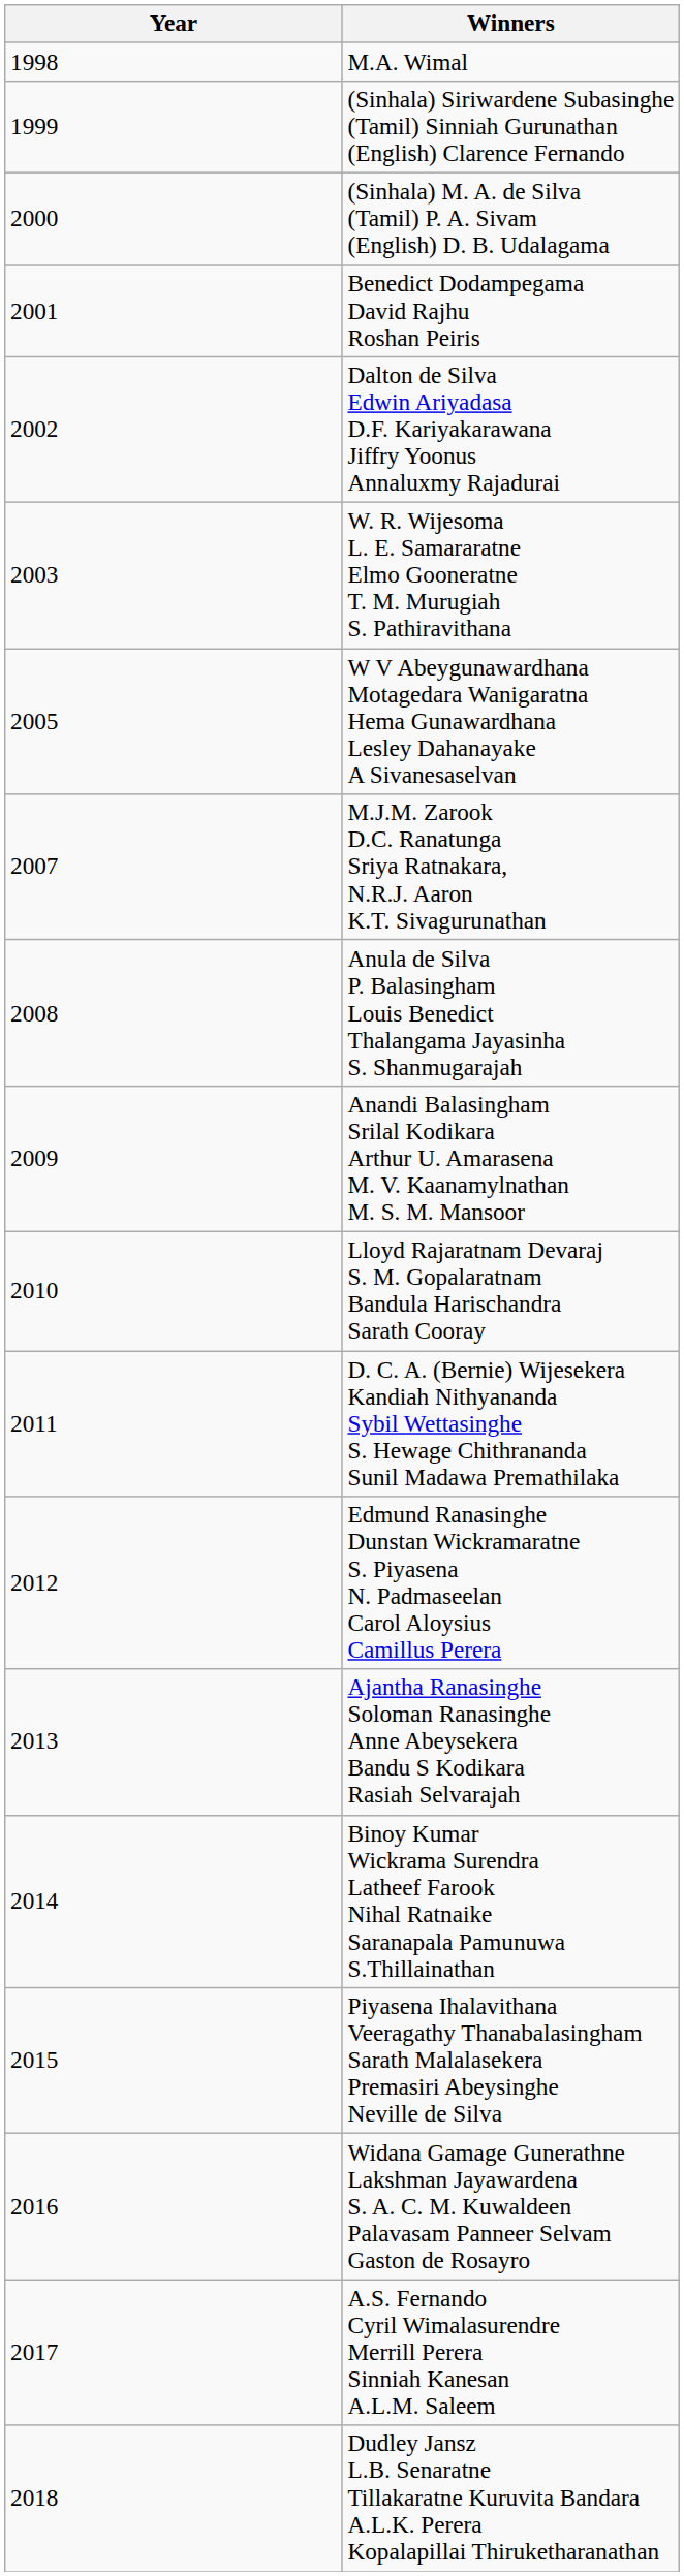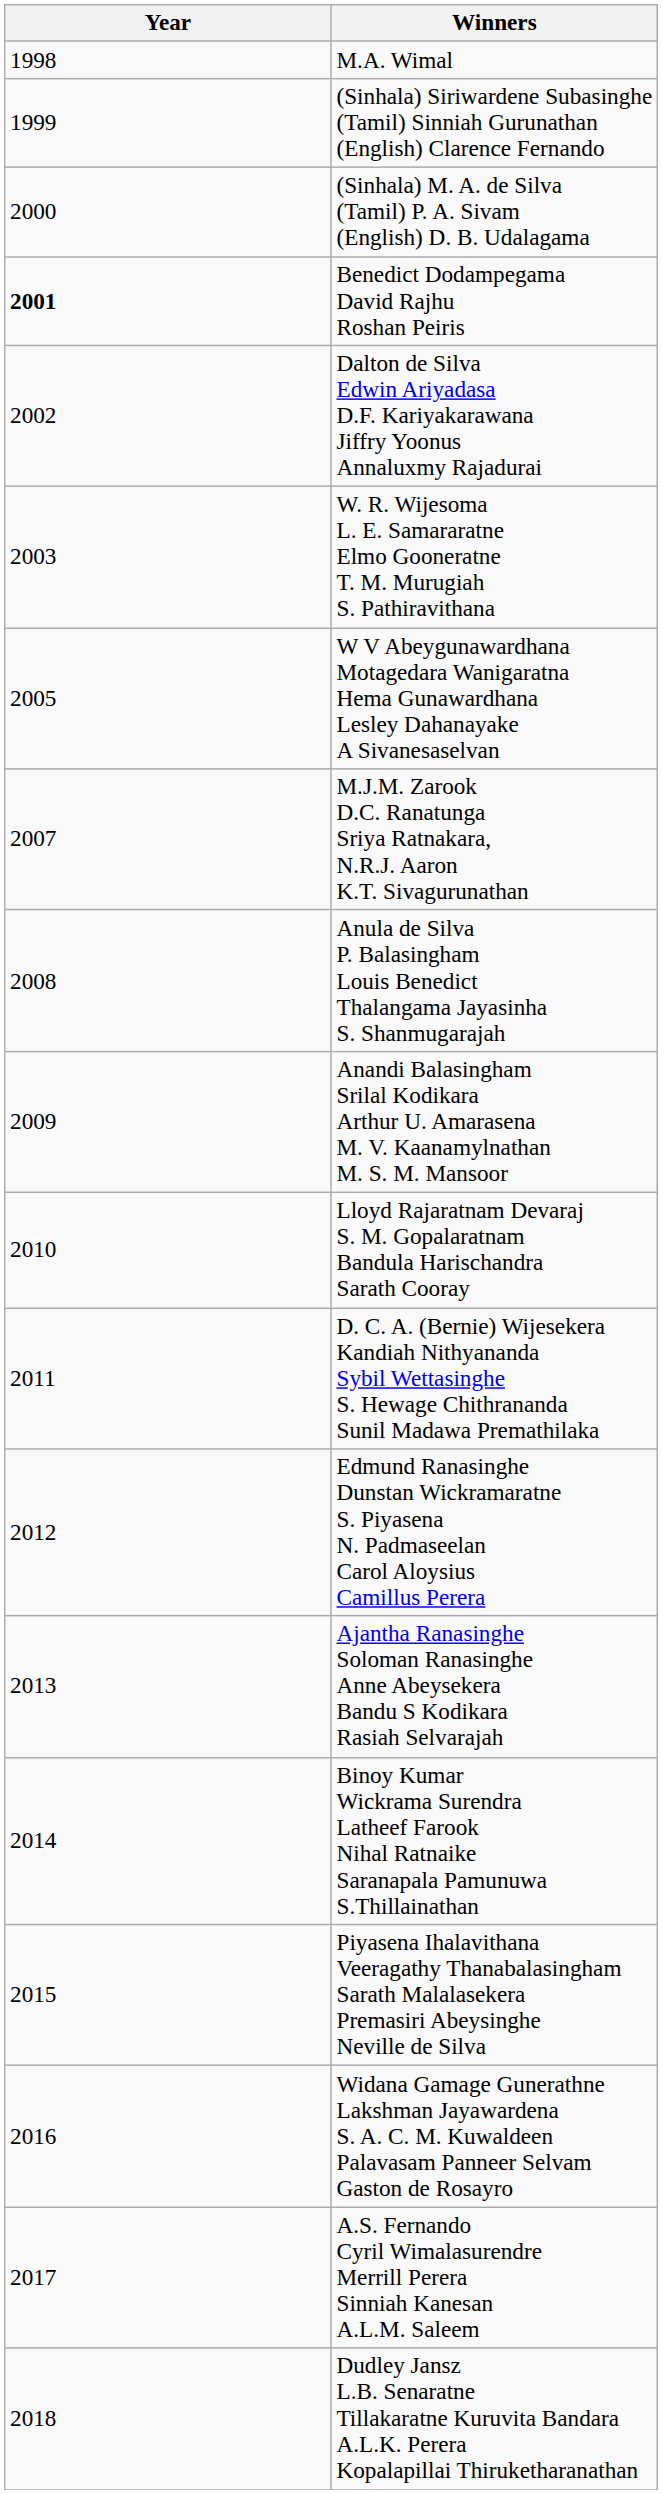 <table class="wikitable sortable mw-collapsible mw-collapsed">
 <tr>
 <th width="50%">Year</th>
 <th width="50%">Winners</th>
 </tr>
 <tr>
 <td>1998</td>
 <td>M.A. Wimal</td>
 </tr>
 <tr>
 <td>1999</td>
 <td>(Sinhala) Siriwardene Subasinghe<br>(Tamil) Sinniah Gurunathan<br>(English) Clarence Fernando</td>
 </tr>
 <tr>
 <td>2000</td>
 <td>(Sinhala) M. A. de Silva<br>(Tamil) P. A. Sivam<br>(English) D. B. Udalagama</td>
 </tr>
 <tr>
-<td>2001</td>
+<td><strong>2001</strong></td>
 <td>Benedict Dodampegama<br>David Rajhu<br>Roshan Peiris</td>
 </tr>
 <tr>
 <td>2002</td>
 <td>Dalton de Silva<br><a href='#'>Edwin Ariyadasa</a><br>D.F. Kariyakarawana<br>Jiffry Yoonus<br>Annaluxmy Rajadurai</td>
 </tr>
 <tr>
 <td>2003</td>
 <td>W. R. Wijesoma<br>L. E. Samararatne<br>Elmo Gooneratne<br>T. M. Murugiah<br>S. Pathiravithana</td>
 </tr>
 <tr>
 <td>2005</td>
 <td>W V Abeygunawardhana<br>Motagedara Wanigaratna<br>Hema Gunawardhana<br>Lesley Dahanayake<br>A Sivanesaselvan</td>
 </tr>
 <tr>
 <td>2007</td>
 <td>M.J.M. Zarook<br>D.C. Ranatunga<br>Sriya Ratnakara,<br>N.R.J. Aaron<br>K.T. Sivagurunathan</td>
 </tr>
 <tr>
 <td>2008</td>
 <td>Anula de Silva<br>P. Balasingham<br>Louis Benedict<br>Thalangama Jayasinha<br>S. Shanmugarajah</td>
 </tr>
 <tr>
 <td>2009</td>
 <td>Anandi Balasingham<br>Srilal Kodikara<br>Arthur U. Amarasena<br>M. V. Kaanamylnathan<br>M. S. M. Mansoor</td>
 </tr>
 <tr>
 <td>2010</td>
 <td>Lloyd Rajaratnam Devaraj<br>S. M. Gopalaratnam<br>Bandula Harischandra<br>Sarath Cooray</td>
 </tr>
 <tr>
 <td>2011</td>
 <td>D. C. A. (Bernie) Wijesekera<br>Kandiah Nithyananda<br><a href='#'>Sybil Wettasinghe</a><br>S. Hewage Chithrananda<br>Sunil Madawa Premathilaka</td>
 </tr>
 <tr>
 <td>2012</td>
 <td>Edmund Ranasinghe<br>Dunstan Wickramaratne<br>S. Piyasena<br>N. Padmaseelan<br>Carol Aloysius<br><a href='#'>Camillus Perera</a></td>
 </tr>
 <tr>
 <td>2013</td>
 <td><a href='#'>Ajantha Ranasinghe</a><br>Soloman Ranasinghe<br>Anne Abeysekera<br>Bandu S Kodikara<br>Rasiah Selvarajah</td>
 </tr>
 <tr>
 <td>2014</td>
 <td>Binoy Kumar<br>Wickrama Surendra<br>Latheef Farook<br>Nihal Ratnaike<br>Saranapala Pamunuwa<br>S.Thillainathan</td>
 </tr>
 <tr>
 <td>2015</td>
 <td>Piyasena Ihalavithana<br>Veeragathy Thanabalasingham<br>Sarath Malalasekera<br>Premasiri Abeysinghe<br>Neville de Silva</td>
 </tr>
 <tr>
 <td>2016</td>
 <td>Widana Gamage Gunerathne<br>Lakshman Jayawardena<br>S. A. C. M. Kuwaldeen<br>Palavasam Panneer Selvam<br>Gaston de Rosayro</td>
 </tr>
 <tr>
 <td>2017</td>
 <td>A.S. Fernando<br>Cyril Wimalasurendre<br>Merrill Perera<br>Sinniah Kanesan<br>A.L.M. Saleem</td>
 </tr>
 <tr>
 <td>2018</td>
 <td>Dudley Jansz<br>L.B. Senaratne<br>Tillakaratne Kuruvita Bandara<br>A.L.K. Perera<br>Kopalapillai Thiruketharanathan</td>
 </tr>
 </table>
